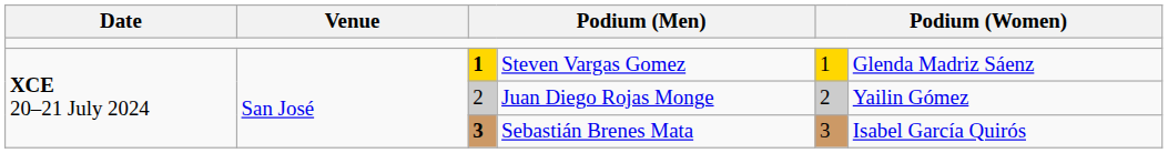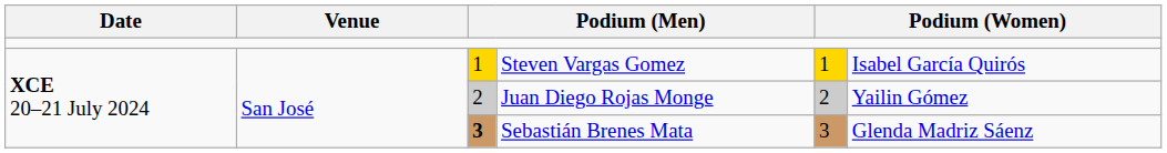 <table class="wikitable" width=70%>
 <tr>
 <th>Date</th>
 <th width=20%>Venue</th>
 <th colspan=2 width=30%>Podium (Men)</th>
 <th colspan=2 width=30%>Podium (Women)</th>
 </tr>
 <tr>
 <td colspan=6></td>
 </tr>
 <tr>
 <td rowspan=3><strong>XCE</strong> <br> 20–21 July 2024</td>
 <td rowspan=3><br><a href='#'>San José</a></td>
-<td bgcolor=FFD700><strong>1</strong></td>
+<td bgcolor=FFD700>1</td>
 <td><a href='#'>Steven Vargas Gomez</a></td>
 <td bgcolor=FFD700>1</td>
-<td><a href='#'>Glenda Madriz Sáenz</a></td>
+<td><a href='#'>Isabel García Quirós</a></td>
 </tr>
 <tr>
 <td bgcolor=CCCCCC>2</td>
 <td><a href='#'>Juan Diego Rojas Monge</a></td>
 <td bgcolor=CCCCCC>2</td>
 <td><a href='#'>Yailin Gómez</a></td>
 </tr>
 <tr>
 <td bgcolor=CC9966><strong>3</strong></td>
 <td><a href='#'>Sebastián Brenes Mata</a></td>
 <td bgcolor=CC9966>3</td>
-<td><a href='#'>Isabel García Quirós</a></td>
+<td><a href='#'>Glenda Madriz Sáenz</a></td>
 </tr>
 </table>
